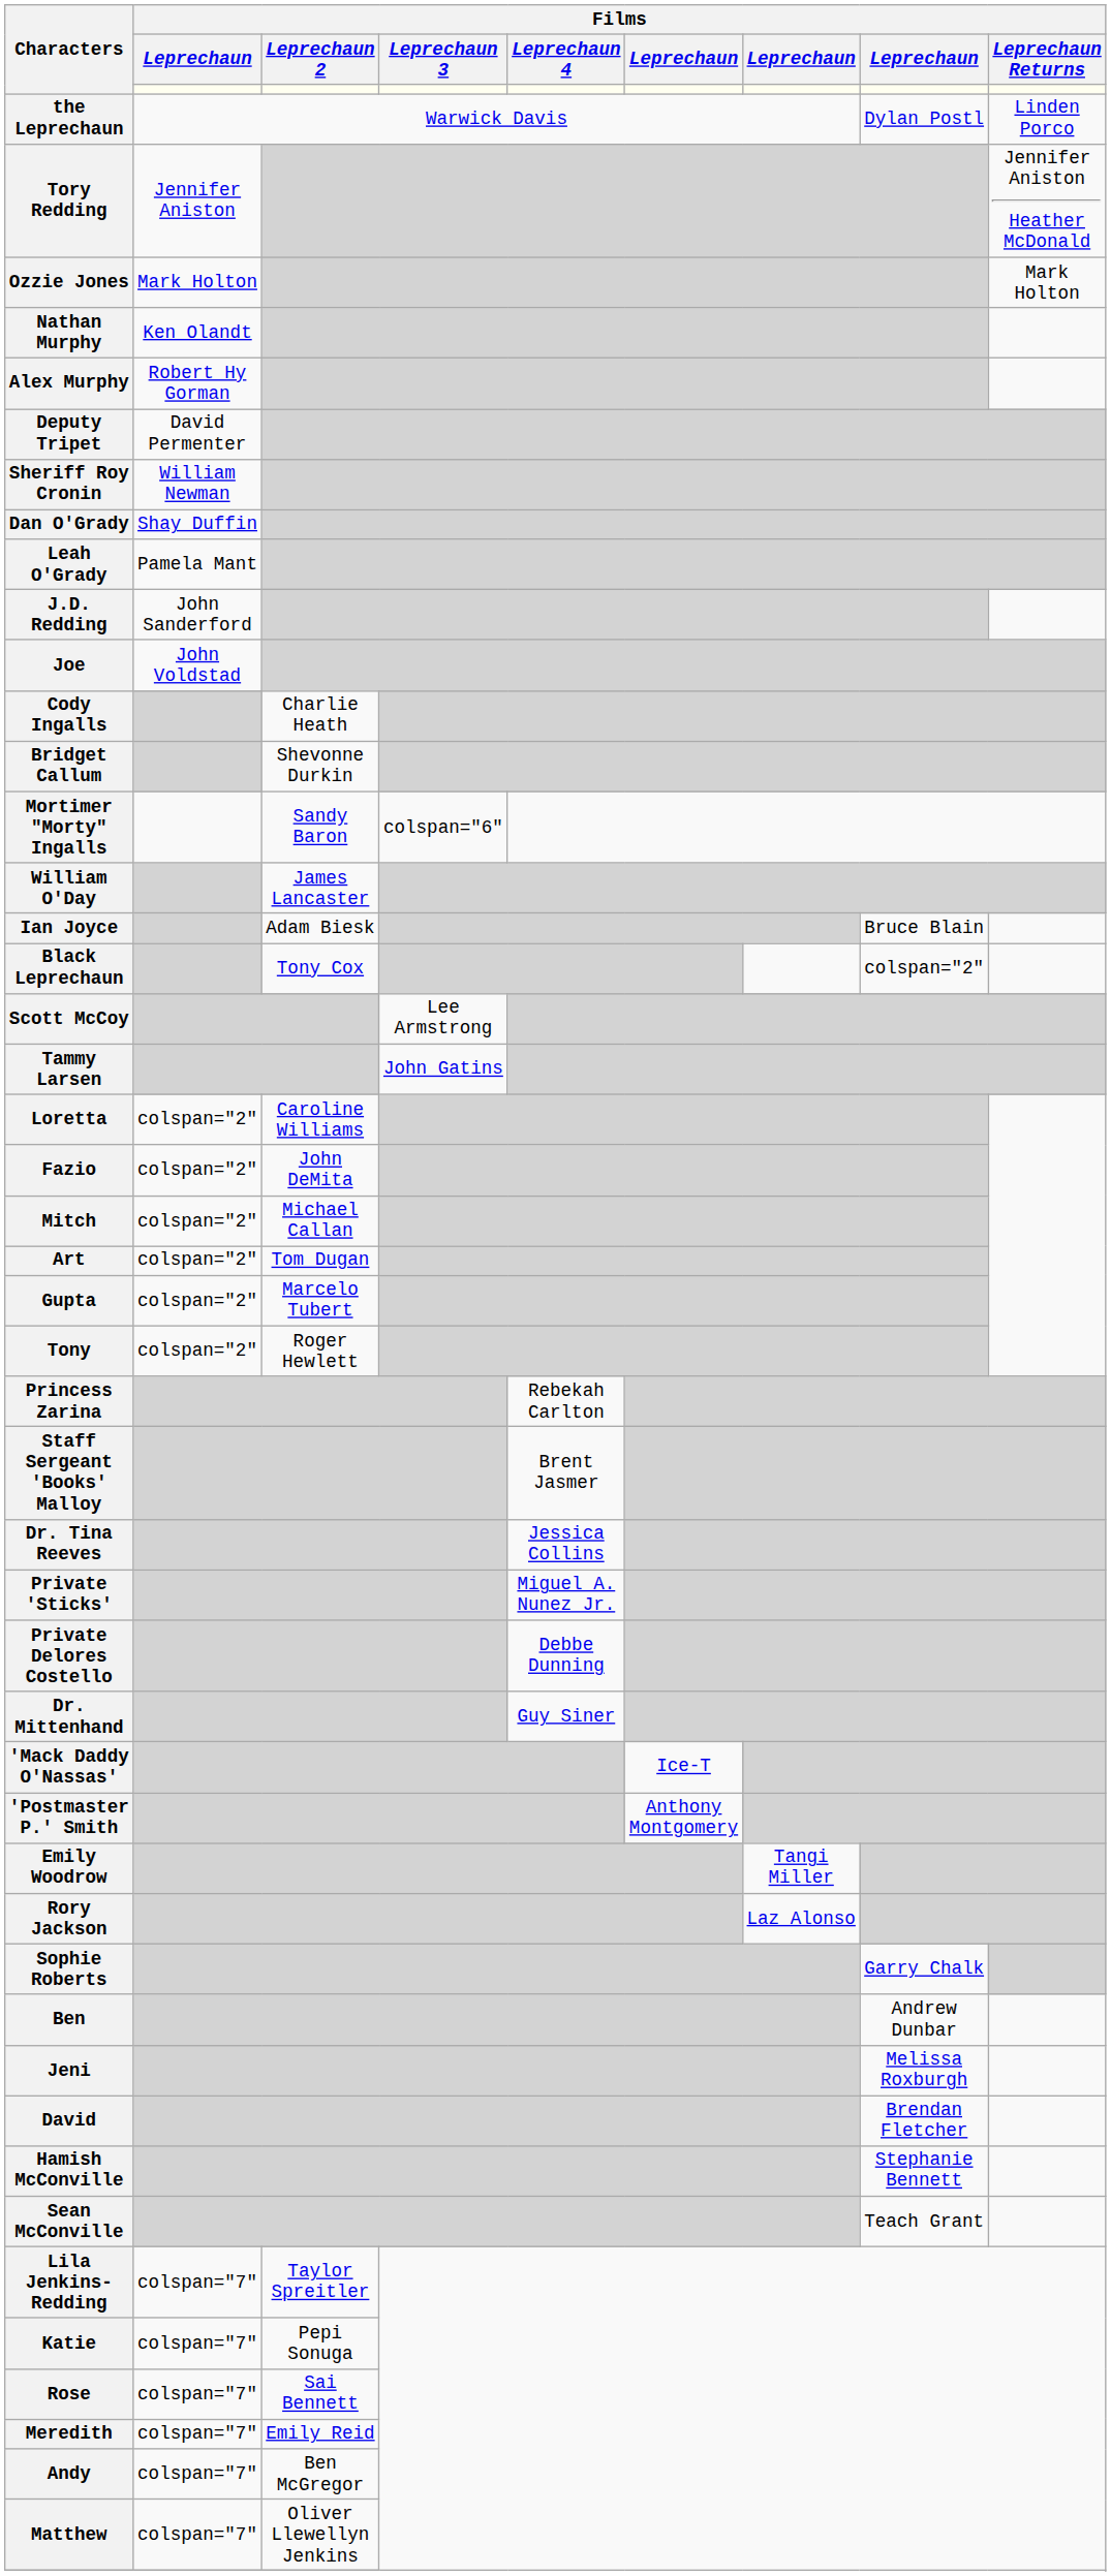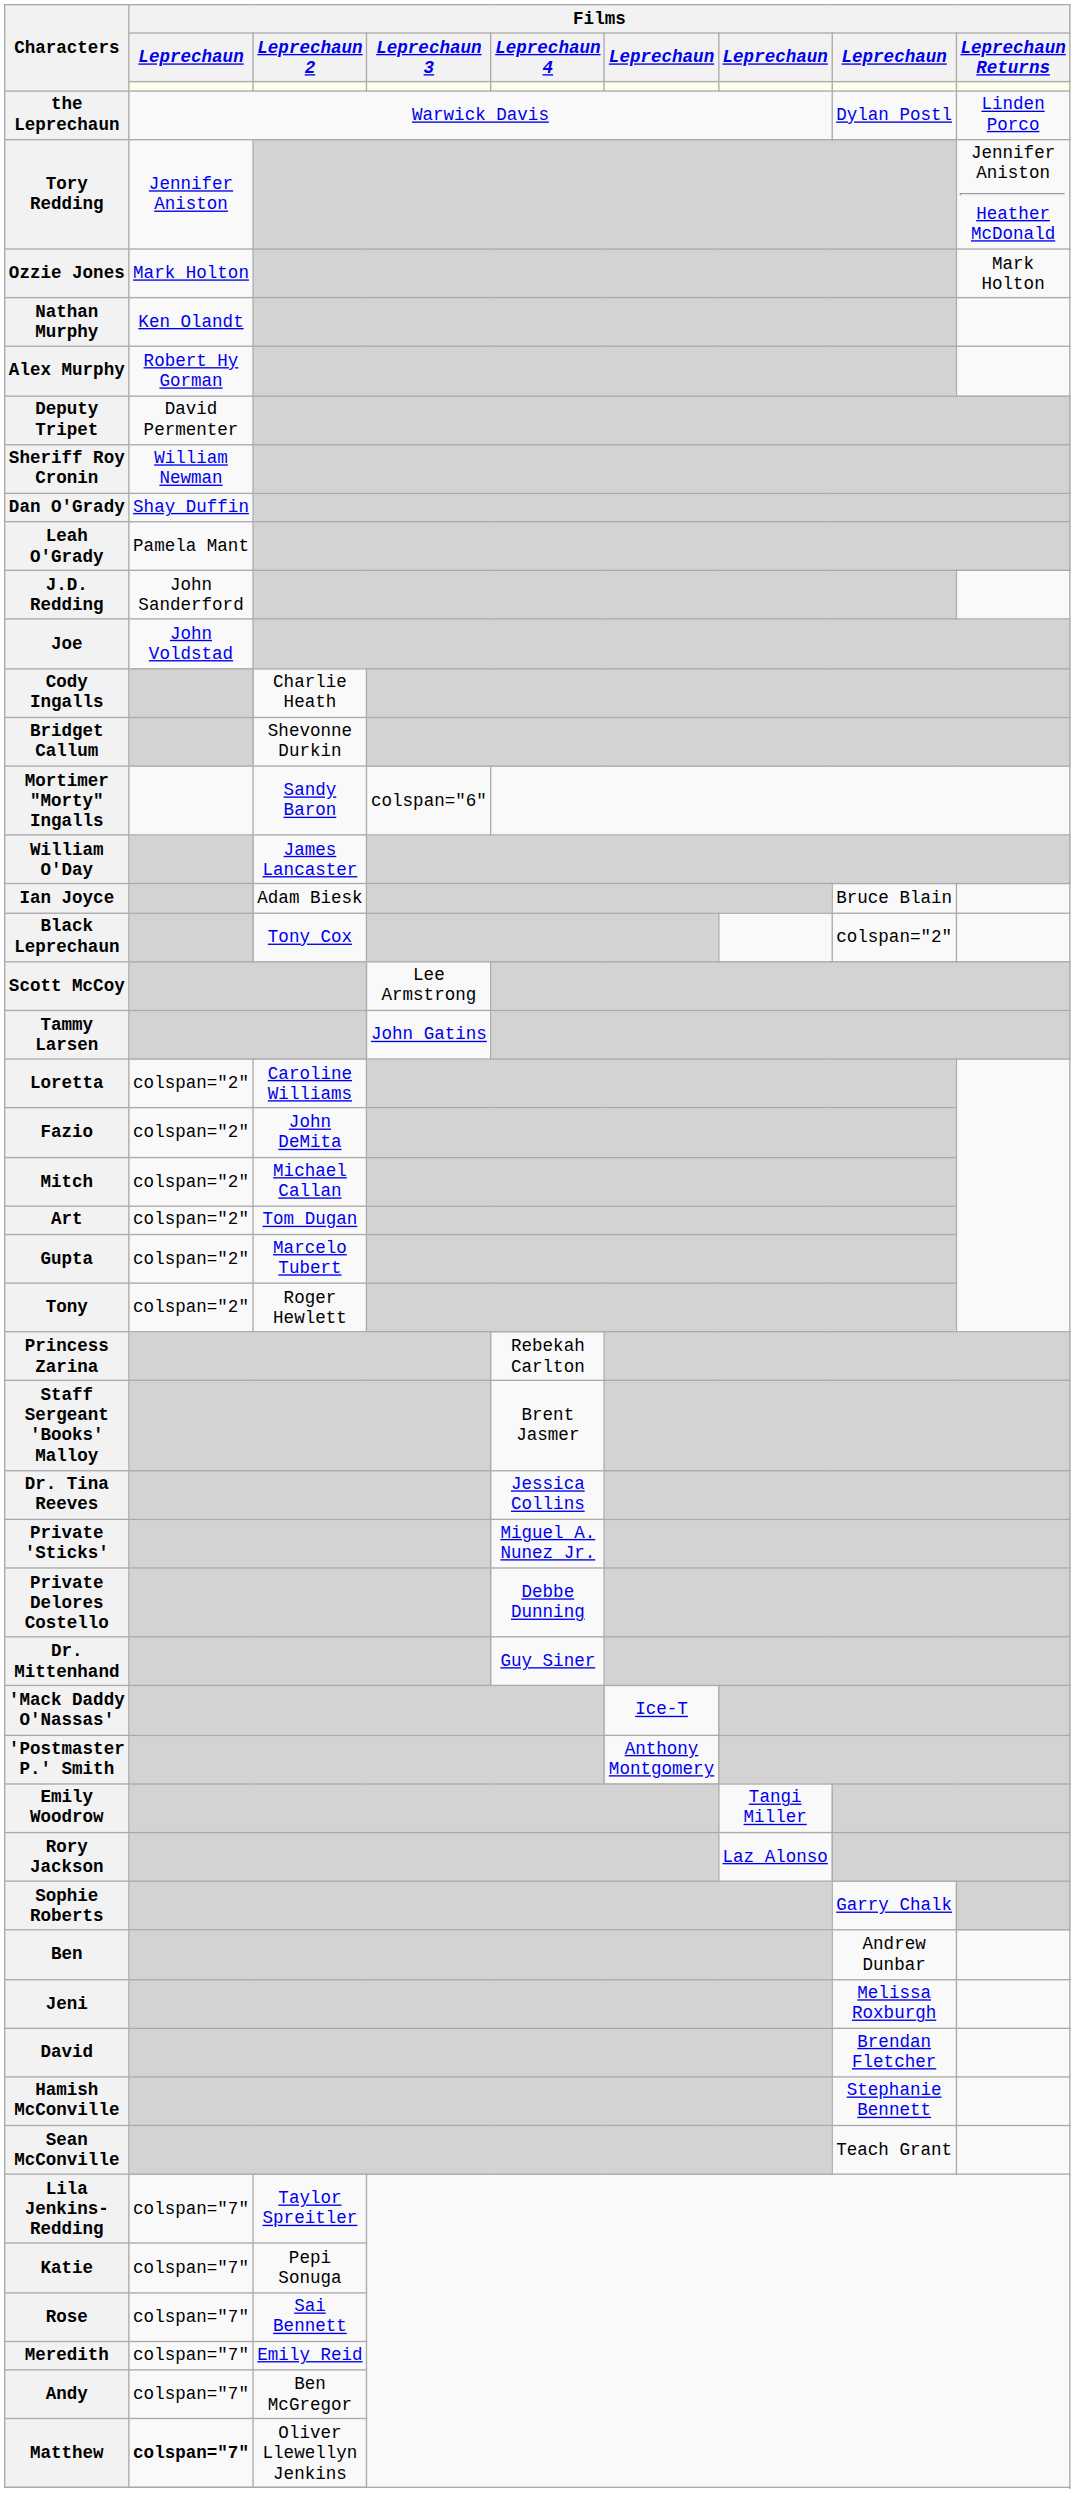 <table class="wikitable" style="text-align:center; width:100%">
 <tr>
 <th rowspan="3" style="width:15%;">Characters</th>
 <th colspan="8">Films</th>
 </tr>
 <tr>
 <th style="width:9.5%;"><em><a href='#'>Leprechaun</a></em></th>
 <th style="width:8.5%;"><em><a href='#'>Leprechaun 2</a></em></th>
 <th style="width:8.5%;"><em><a href='#'>Leprechaun 3</a></em></th>
 <th style="width:7.5%;"><em><a href='#'>Leprechaun 4<br></a></em></th>
 <th style="width:14%;"><em><a href='#'>Leprechaun<br></a></em></th>
 <th style="width:10%;"><em><a href='#'>Leprechaun<br></a></em></th>
 <th style="width:5%;"><em><a href='#'>Leprechaun<br></a></em></th>
 <th style="width:11.5%;"><em><a href='#'>Leprechaun Returns</a></em></th>
 </tr>
 <tr>
 <th style="background:ivory;"></th>
 <th style="background:ivory;"></th>
 <th style="background:ivory;"></th>
 <th style="background:ivory;"></th>
 <th style="background:ivory;"></th>
 <th style="background:ivory;"></th>
 <th style="background:ivory;"></th>
 <th style="background:ivory;"></th>
 </tr>
 <tr>
 <th>the Leprechaun</th>
 <td colspan="6"><a href='#'>Warwick Davis</a></td>
 <td><a href='#'>Dylan Postl</a></td>
 <td><a href='#'>Linden Porco</a></td>
 </tr>
 <tr>
 <th>Tory Redding</th>
 <td><a href='#'>Jennifer Aniston</a></td>
 <td colspan="6" style="background:#d3d3d3;"></td>
 <td>Jennifer Aniston<hr><a href='#'>Heather McDonald</a></td>
 </tr>
 <tr>
 <th>Ozzie Jones</th>
 <td><a href='#'>Mark Holton</a></td>
 <td colspan="6" style="background:#d3d3d3;"></td>
 <td>Mark Holton</td>
 </tr>
 <tr>
 <th>Nathan Murphy</th>
 <td><a href='#'>Ken Olandt</a></td>
 <td colspan="6" style="background:#d3d3d3;"></td>
 <td></td>
 </tr>
 <tr>
 <th>Alex Murphy</th>
 <td><a href='#'>Robert Hy Gorman</a></td>
 <td colspan="6" style="background:#d3d3d3;"></td>
 <td></td>
 </tr>
 <tr>
 <th>Deputy Tripet</th>
 <td>David Permenter</td>
 <td colspan="7" style="background:#d3d3d3;"></td>
 </tr>
 <tr>
 <th>Sheriff Roy Cronin</th>
 <td><a href='#'>William Newman</a></td>
 <td colspan="7" style="background:#d3d3d3;"></td>
 </tr>
 <tr>
 <th>Dan O'Grady</th>
 <td><a href='#'>Shay Duffin</a></td>
 <td colspan="7" style="background:#d3d3d3;"></td>
 </tr>
 <tr>
 <th>Leah O'Grady</th>
 <td>Pamela Mant</td>
 <td colspan="7" style="background:#d3d3d3;"></td>
 </tr>
 <tr>
 <th>J.D. Redding</th>
 <td>John Sanderford</td>
 <td colspan="6" style="background:#d3d3d3;"></td>
 <td></td>
 </tr>
 <tr>
 <th>Joe</th>
 <td><a href='#'>John Voldstad</a></td>
 <td colspan="7" style="background:#d3d3d3;"></td>
 </tr>
 <tr>
 <th>Cody Ingalls</th>
 <td style="background:#d3d3d3;"></td>
 <td>Charlie Heath</td>
 <td colspan="6" style="background:#d3d3d3;"></td>
 </tr>
 <tr>
 <th>Bridget Callum</th>
 <td style="background:#d3d3d3;"></td>
 <td>Shevonne Durkin</td>
 <td colspan="6" style="background:#d3d3d3;"></td>
 </tr>
 <tr>
 <th>Mortimer "Morty" Ingalls</th>
 <td></td>
 <td><a href='#'>Sandy Baron</a></td>
 <td>colspan="6" </td>
 </tr>
 <tr>
 <th>William O'Day</th>
 <td style="background:#d3d3d3;"></td>
 <td><a href='#'>James Lancaster</a></td>
 <td colspan="6" style="background:#d3d3d3;"></td>
 </tr>
 <tr>
 <th>Ian Joyce</th>
 <td style="background:#d3d3d3;"></td>
 <td>Adam Biesk</td>
 <td colspan="4" style="background:#d3d3d3;"></td>
 <td>Bruce Blain</td>
 <td></td>
 </tr>
 <tr>
 <th>Black Leprechaun</th>
 <td style="background:#d3d3d3;"></td>
 <td><a href='#'>Tony Cox</a></td>
 <td colspan="3" style="background:#d3d3d3;"></td>
 <td></td>
 <td>colspan="2" </td>
 </tr>
 <tr>
 <th>Scott McCoy</th>
 <td colspan="2" style="background:#d3d3d3;"></td>
 <td>Lee Armstrong</td>
 <td colspan="5" style="background:#d3d3d3;"></td>
 </tr>
 <tr>
 <th>Tammy Larsen</th>
 <td colspan="2" style="background:#d3d3d3;"></td>
 <td><a href='#'>John Gatins</a></td>
 <td colspan="5" style="background:#d3d3d3;"></td>
 </tr>
 <tr>
 <th>Loretta</th>
 <td>colspan="2" </td>
 <td><a href='#'>Caroline Williams</a></td>
 <td colspan="5" style="background:#d3d3d3;"></td>
 </tr>
 <tr>
 <th>Fazio</th>
 <td>colspan="2" </td>
 <td><a href='#'>John DeMita</a></td>
 <td colspan="5" style="background:#d3d3d3;"></td>
 </tr>
 <tr>
 <th>Mitch</th>
 <td>colspan="2" </td>
 <td><a href='#'>Michael Callan</a></td>
 <td colspan="5" style="background:#d3d3d3;"></td>
 </tr>
 <tr>
 <th>Art</th>
 <td>colspan="2" </td>
 <td><a href='#'>Tom Dugan</a></td>
 <td colspan="5" style="background:#d3d3d3;"></td>
 </tr>
 <tr>
 <th>Gupta</th>
 <td>colspan="2" </td>
 <td><a href='#'>Marcelo Tubert</a></td>
 <td colspan="5" style="background:#d3d3d3;"></td>
 </tr>
 <tr>
 <th>Tony</th>
 <td>colspan="2" </td>
 <td>Roger Hewlett</td>
 <td colspan="5" style="background:#d3d3d3;"></td>
 </tr>
 <tr>
 <th>Princess Zarina</th>
 <td colspan="3" style="background:#d3d3d3;"></td>
 <td>Rebekah Carlton</td>
 <td colspan="4" style="background:#d3d3d3;"></td>
 </tr>
 <tr>
 <th>Staff Sergeant 'Books' Malloy</th>
 <td colspan="3" style="background:#d3d3d3;"></td>
 <td>Brent Jasmer</td>
 <td colspan="4" style="background:#d3d3d3;"></td>
 </tr>
 <tr>
 <th>Dr. Tina Reeves</th>
 <td colspan="3" style="background:#d3d3d3;"></td>
 <td><a href='#'>Jessica Collins</a></td>
 <td colspan="4" style="background:#d3d3d3;"></td>
 </tr>
 <tr>
 <th>Private 'Sticks'</th>
 <td colspan="3" style="background:#d3d3d3;"></td>
 <td><a href='#'>Miguel A. Nunez Jr.</a></td>
 <td colspan="4" style="background:#d3d3d3;"></td>
 </tr>
 <tr>
 <th>Private Delores Costello</th>
 <td colspan="3" style="background:#d3d3d3;"></td>
 <td><a href='#'>Debbe Dunning</a></td>
 <td colspan="4" style="background:#d3d3d3;"></td>
 </tr>
 <tr>
 <th>Dr. Mittenhand<br></th>
 <td colspan="3" style="background:#d3d3d3;"></td>
 <td><a href='#'>Guy Siner</a></td>
 <td colspan="4" style="background:#d3d3d3;"></td>
 </tr>
 <tr>
 <th>'Mack Daddy O'Nassas'</th>
 <td colspan="4" style="background:#d3d3d3;"></td>
 <td><a href='#'>Ice-T</a></td>
 <td colspan="3" style="background:#d3d3d3;"></td>
 </tr>
 <tr>
 <th>'Postmaster P.' Smith</th>
 <td colspan="4" style="background:#d3d3d3;"></td>
 <td><a href='#'>Anthony Montgomery</a></td>
 <td colspan="3" style="background:#d3d3d3;"></td>
 </tr>
 <tr>
 <th>Emily Woodrow</th>
 <td colspan="5" style="background:#d3d3d3;"></td>
 <td><a href='#'>Tangi Miller</a></td>
 <td colspan="2" style="background:#d3d3d3;"></td>
 </tr>
 <tr>
 <th>Rory Jackson</th>
 <td colspan="5" style="background:#d3d3d3;"></td>
 <td><a href='#'>Laz Alonso</a></td>
 <td colspan="2" style="background:#d3d3d3;"></td>
 </tr>
 <tr>
 <th>Sophie Roberts</th>
 <td colspan="6" style="background:#d3d3d3;"></td>
 <td><a href='#'>Garry Chalk</a></td>
 <td style="background:#d3d3d3;"></td>
 </tr>
 <tr>
 <th>Ben</th>
 <td colspan="6" style="background:#d3d3d3;"></td>
 <td>Andrew Dunbar</td>
 <td></td>
 </tr>
 <tr>
 <th>Jeni</th>
 <td colspan="6" style="background:#d3d3d3;"></td>
 <td><a href='#'>Melissa Roxburgh</a></td>
 <td></td>
 </tr>
 <tr>
 <th>David</th>
 <td colspan="6" style="background:#d3d3d3;"></td>
 <td><a href='#'>Brendan Fletcher</a></td>
 <td></td>
 </tr>
 <tr>
 <th>Hamish McConville</th>
 <td colspan="6" style="background:#d3d3d3;"></td>
 <td><a href='#'>Stephanie Bennett</a></td>
 <td></td>
 </tr>
 <tr>
 <th>Sean McConville</th>
 <td colspan="6" style="background:#d3d3d3;"></td>
 <td>Teach Grant</td>
 <td></td>
 </tr>
 <tr>
 <th>Lila Jenkins-Redding</th>
 <td>colspan="7" </td>
 <td><a href='#'>Taylor Spreitler</a></td>
 </tr>
 <tr>
 <th>Katie</th>
 <td>colspan="7" </td>
 <td>Pepi Sonuga</td>
 </tr>
 <tr>
 <th>Rose</th>
 <td>colspan="7" </td>
 <td><a href='#'>Sai Bennett</a></td>
 </tr>
 <tr>
 <th>Meredith</th>
 <td>colspan="7" </td>
 <td><a href='#'>Emily Reid</a></td>
 </tr>
 <tr>
 <th>Andy</th>
 <td>colspan="7" </td>
 <td>Ben McGregor</td>
 </tr>
 <tr>
 <th>Matthew</th>
-<td>colspan="7" </td>
+<td><strong>colspan="7" </strong></td>
 <td>Oliver Llewellyn Jenkins</td>
 </tr>
 <tr>
 </tr>
 </table>
